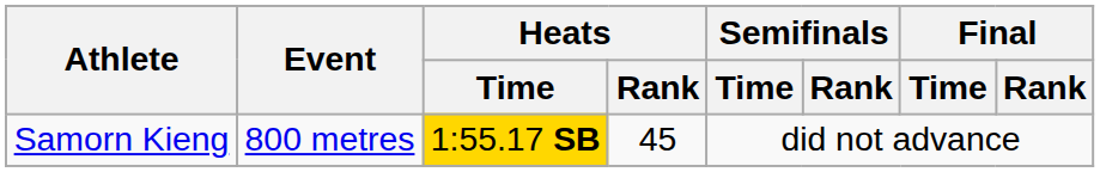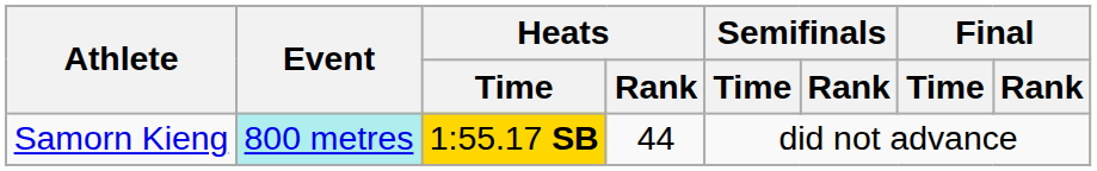 <table class=wikitable style="font-size:90%;">
 <tr>
 <th rowspan=2>Athlete</th>
 <th rowspan=2>Event</th>
 <th colspan=2>Heats</th>
 <th colspan=2>Semifinals</th>
 <th colspan=2>Final</th>
 </tr>
 <tr>
 <th>Time</th>
 <th>Rank</th>
 <th>Time</th>
 <th>Rank</th>
 <th>Time</th>
 <th>Rank</th>
 </tr>
 <tr>
 <td><a href='#'>Samorn Kieng</a></td>
-<td><a href='#'>800 metres</a></td>
+<td style="background: paleturquoise;"><a href='#'>800 metres</a></td>
 <td align="center" style="background: gold;">1:55.17 <strong>SB</strong></td>
-<td align="center">45</td>
+<td align="center">44</td>
 <td align="center" colspan=4>did not advance</td>
 </tr>
 </table>
